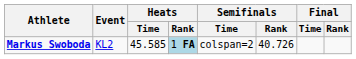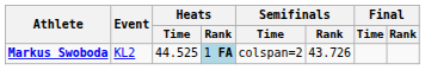 <table class=wikitable style="font-size:90%">
 <tr>
 <th rowspan="2">Athlete</th>
 <th rowspan="2">Event</th>
 <th colspan=2>Heats</th>
 <th colspan=2>Semifinals</th>
 <th colspan=2>Final</th>
 </tr>
 <tr style="font-size:95%">
 <th>Time</th>
 <th>Rank</th>
 <th>Time</th>
 <th>Rank</th>
 <th>Time</th>
 <th>Rank</th>
 </tr>
 <tr align=center>
 <td align=left><strong><a href='#'>Markus Swoboda</a></strong></td>
 <td align=left><a href='#'>KL2</a></td>
-<td>45.585</td>
+<td>44.525</td>
 <td style="background: lightblue;">1 <strong>FA</strong></td>
 <td>colspan=2</td>
-<td>40.726</td>
+<td>43.726</td>
 <td></td>
 </tr>
 </table>
